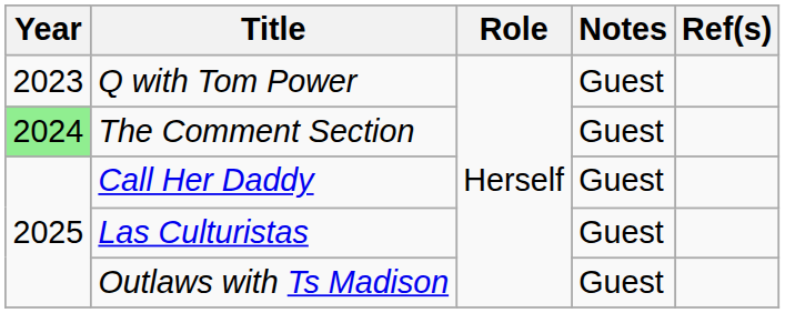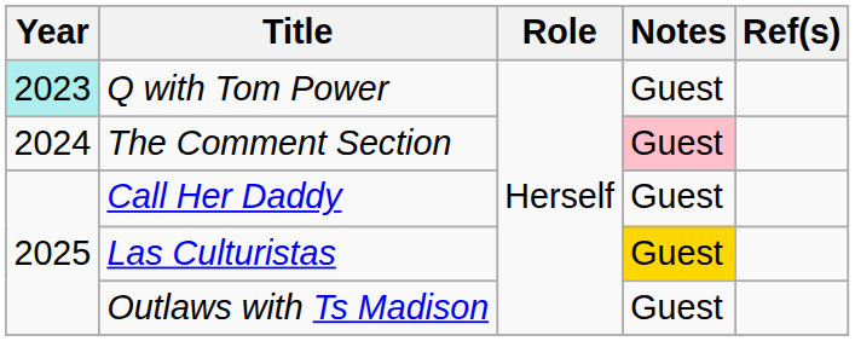 <table class="wikitable">
 <tr>
 <th>Year</th>
 <th>Title</th>
 <th>Role</th>
 <th>Notes</th>
 <th>Ref(s)</th>
 </tr>
 <tr>
-<td>2023</td>
+<td style="background: paleturquoise;">2023</td>
 <td><em>Q with Tom Power</em></td>
 <td rowspan="5">Herself</td>
 <td>Guest</td>
 <td></td>
 </tr>
 <tr>
-<td style="background: lightgreen;">2024</td>
+<td>2024</td>
 <td><em>The Comment Section</em></td>
-<td>Guest</td>
+<td style="background: pink;">Guest</td>
 <td></td>
 </tr>
 <tr>
 <td rowspan="3">2025</td>
 <td><em><a href='#'>Call Her Daddy</a></em></td>
 <td>Guest</td>
 <td></td>
 </tr>
 <tr>
 <td><em><a href='#'>Las Culturistas</a></em></td>
-<td>Guest</td>
+<td style="background: gold;">Guest</td>
 <td></td>
 </tr>
 <tr>
 <td><em>Outlaws with <a href='#'>Ts Madison</a></em></td>
 <td>Guest</td>
 <td></td>
 </tr>
 </table>
